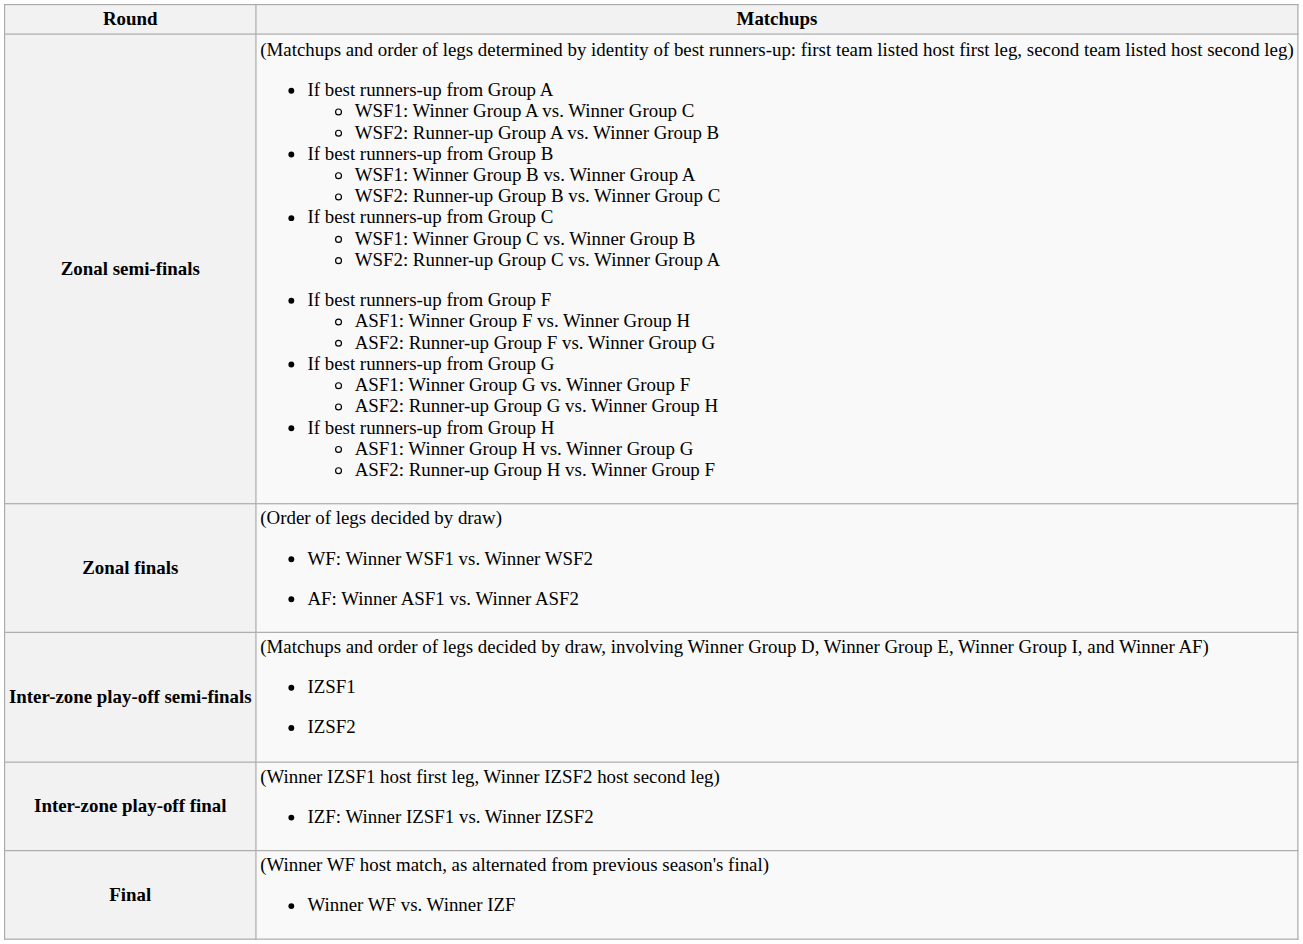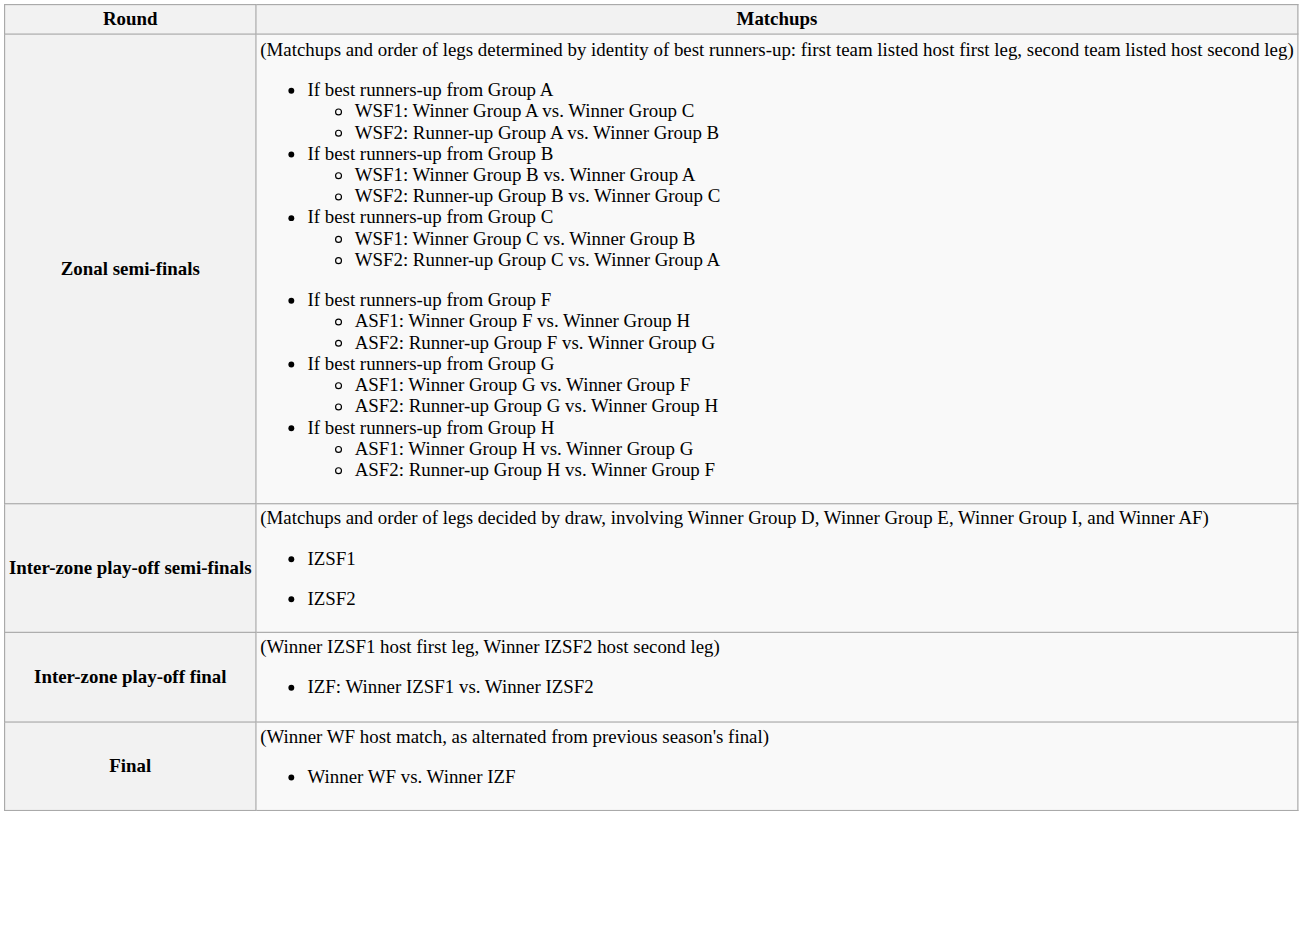 <table class=wikitable>
 <tr>
 <th>Round</th>
 <th>Matchups</th>
 </tr>
 <tr>
 <th>Zonal semi-finals</th>
 <td>(Matchups and order of legs determined by identity of best runners-up: first team listed host first leg, second team listed host second leg)<br> <ul><li>If best runners-up from Group A<ul><li>WSF1: Winner Group A vs. Winner Group C</li><li>WSF2: Runner-up Group A vs. Winner Group B</li></ul></li><li>If best runners-up from Group B<ul><li>WSF1: Winner Group B vs. Winner Group A</li><li>WSF2: Runner-up Group B vs. Winner Group C</li></ul></li><li>If best runners-up from Group C<ul><li>WSF1: Winner Group C vs. Winner Group B</li><li>WSF2: Runner-up Group C vs. Winner Group A</li></ul></li></ul><ul><li>If best runners-up from Group F<ul><li>ASF1: Winner Group F vs. Winner Group H</li><li>ASF2: Runner-up Group F vs. Winner Group G</li></ul></li><li>If best runners-up from Group G<ul><li>ASF1: Winner Group G vs. Winner Group F</li><li>ASF2: Runner-up Group G vs. Winner Group H</li></ul></li><li>If best runners-up from Group H<ul><li>ASF1: Winner Group H vs. Winner Group G</li><li>ASF2: Runner-up Group H vs. Winner Group F</li></ul></li></ul></td>
-</tr>
-<tr>
-<th>Zonal finals</th>
-<td>(Order of legs decided by draw)<br> <ul><li>WF: Winner WSF1 vs. Winner WSF2</li></ul><ul><li>AF: Winner ASF1 vs. Winner ASF2</li></ul></td>
 </tr>
 <tr>
 <th>Inter-zone play-off semi-finals</th>
 <td>(Matchups and order of legs decided by draw, involving Winner Group D, Winner Group E, Winner Group I, and Winner AF)<br> <ul><li>IZSF1</li></ul><ul><li>IZSF2</li></ul></td>
 </tr>
 <tr>
 <th>Inter-zone play-off final</th>
 <td>(Winner IZSF1 host first leg, Winner IZSF2 host second leg)<br><ul><li>IZF: Winner IZSF1 vs. Winner IZSF2</li></ul></td>
 </tr>
 <tr>
 <th>Final</th>
 <td>(Winner WF host match, as alternated from previous season's final)<br><ul><li>Winner WF vs. Winner IZF</li></ul></td>
 </tr>
 </table>
